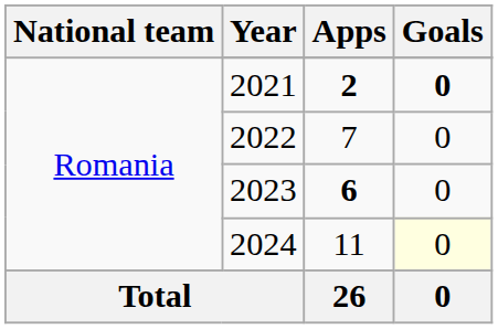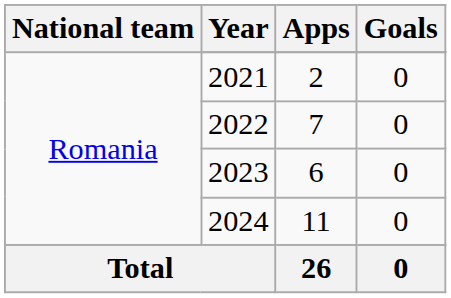 <table class="wikitable" style="text-align:center">
 <tr>
 <th>National team</th>
 <th>Year</th>
 <th>Apps</th>
 <th>Goals</th>
 </tr>
 <tr>
 <td rowspan="5"><a href='#'>Romania</a></td>
 </tr>
 <tr>
 <td>2021</td>
-<td><strong>2</strong></td>
-<td><strong>0</strong></td>
+<td>2</td>
+<td>0</td>
 </tr>
 <tr>
 <td>2022</td>
 <td>7</td>
 <td>0</td>
 </tr>
 <tr>
 <td>2023</td>
-<td><strong>6</strong></td>
+<td>6</td>
 <td>0</td>
 </tr>
 <tr>
 <td>2024</td>
 <td>11</td>
-<td style="background: lightyellow;">0</td>
+<td>0</td>
 </tr>
 <tr>
 <th colspan="2">Total</th>
 <th>26</th>
 <th>0</th>
 </tr>
 </table>
